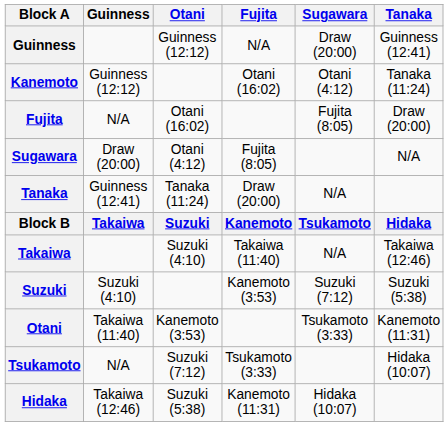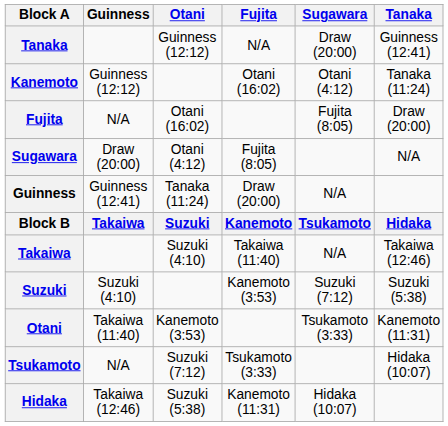 <table class="wikitable" style="margin: 1em auto 1em auto;text-align:center">
 <tr>
 <th>Block A</th>
 <th>Guinness</th>
 <th><a href='#'>Otani</a></th>
 <th><a href='#'>Fujita</a></th>
 <th><a href='#'>Sugawara</a></th>
 <th><a href='#'>Tanaka</a></th>
 </tr>
 <tr>
-<th>Guinness</th>
+<th><a href='#'>Tanaka</a></th>
 <td></td>
 <td>Guinness<br>(12:12)</td>
 <td>N/A</td>
 <td>Draw<br>(20:00)</td>
 <td>Guinness<br>(12:41)</td>
 </tr>
 <tr>
 <th><a href='#'>Kanemoto</a></th>
 <td>Guinness<br>(12:12)</td>
 <td></td>
 <td>Otani<br>(16:02)</td>
 <td>Otani<br>(4:12)</td>
 <td>Tanaka<br>(11:24)</td>
 </tr>
 <tr>
 <th><a href='#'>Fujita</a></th>
 <td>N/A</td>
 <td>Otani<br>(16:02)</td>
 <td></td>
 <td>Fujita<br>(8:05)</td>
 <td>Draw<br>(20:00)</td>
 </tr>
 <tr>
 <th><a href='#'>Sugawara</a></th>
 <td>Draw<br>(20:00)</td>
 <td>Otani<br>(4:12)</td>
 <td>Fujita<br>(8:05)</td>
 <td></td>
 <td>N/A</td>
 </tr>
 <tr>
-<th><a href='#'>Tanaka</a></th>
+<th>Guinness</th>
 <td>Guinness<br>(12:41)</td>
 <td>Tanaka<br>(11:24)</td>
 <td>Draw<br>(20:00)</td>
 <td>N/A</td>
 <td></td>
 </tr>
 <tr>
 <th>Block B</th>
 <th><a href='#'>Takaiwa</a></th>
 <th><a href='#'>Suzuki</a></th>
 <th><a href='#'>Kanemoto</a></th>
 <th><a href='#'>Tsukamoto</a></th>
 <th><a href='#'>Hidaka</a></th>
 </tr>
 <tr>
 <th><a href='#'>Takaiwa</a></th>
 <td></td>
 <td>Suzuki<br>(4:10)</td>
 <td>Takaiwa<br>(11:40)</td>
 <td>N/A</td>
 <td>Takaiwa<br>(12:46)</td>
 </tr>
 <tr>
 <th><a href='#'>Suzuki</a></th>
 <td>Suzuki<br>(4:10)</td>
 <td></td>
 <td>Kanemoto<br>(3:53)</td>
 <td>Suzuki<br>(7:12)</td>
 <td>Suzuki<br>(5:38)</td>
 </tr>
 <tr>
 <th><a href='#'>Otani</a></th>
 <td>Takaiwa<br>(11:40)</td>
 <td>Kanemoto<br>(3:53)</td>
 <td></td>
 <td>Tsukamoto<br>(3:33)</td>
 <td>Kanemoto<br>(11:31)</td>
 </tr>
 <tr>
 <th><a href='#'>Tsukamoto</a></th>
 <td>N/A</td>
 <td>Suzuki<br>(7:12)</td>
 <td>Tsukamoto<br>(3:33)</td>
 <td></td>
 <td>Hidaka<br>(10:07)</td>
 </tr>
 <tr>
 <th><a href='#'>Hidaka</a></th>
 <td>Takaiwa<br>(12:46)</td>
 <td>Suzuki<br>(5:38)</td>
 <td>Kanemoto<br>(11:31)</td>
 <td>Hidaka<br>(10:07)</td>
 <td></td>
 </tr>
 </table>
